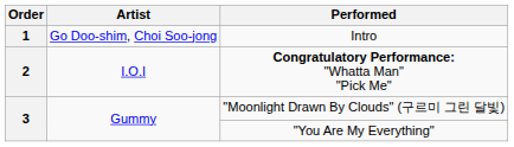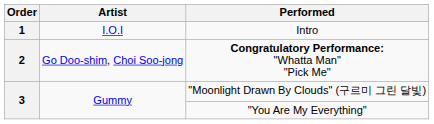 <table class="wikitable" style="text-align:center;">
 <tr>
 <th>Order</th>
 <th>Artist</th>
 <th>Performed</th>
 </tr>
 <tr>
 <th>1</th>
-<td><a href='#'>Go Doo-shim</a>, <a href='#'>Choi Soo-jong</a></td>
+<td><a href='#'>I.O.I</a></td>
 <td>Intro</td>
 </tr>
 <tr>
 <th>2</th>
-<td><a href='#'>I.O.I</a></td>
+<td><a href='#'>Go Doo-shim</a>, <a href='#'>Choi Soo-jong</a></td>
 <td><strong>Congratulatory Performance:</strong><br>"Whatta Man"<br>"Pick Me"</td>
 </tr>
 <tr>
 <th rowspan=2>3</th>
 <td rowspan=2><a href='#'>Gummy</a></td>
 <td>"Moonlight Drawn By Clouds" (구르미 그린 달빛)<br></td>
 </tr>
 <tr>
 <td>"You Are My Everything"<br></td>
 </tr>
 </table>
